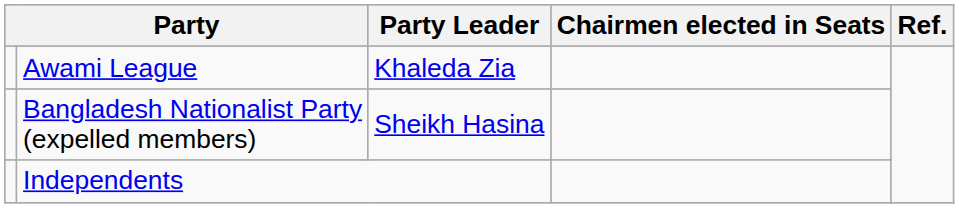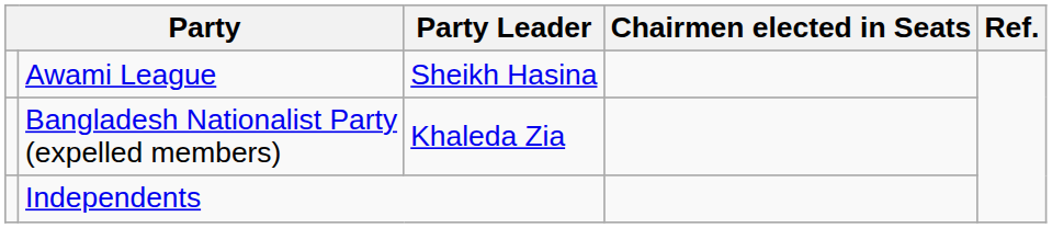 <table class="wikitable">
 <tr>
 <th colspan="2">Party</th>
 <th>Party Leader</th>
 <th>Chairmen elected in Seats</th>
 <th>Ref.</th>
 </tr>
 <tr>
 <td></td>
 <td><a href='#'>Awami League</a></td>
-<td><a href='#'>Khaleda Zia</a></td>
+<td><a href='#'>Sheikh Hasina</a></td>
 <td></td>
 <td rowspan="3"></td>
 </tr>
 <tr>
 <td></td>
 <td><a href='#'>Bangladesh Nationalist Party</a><br>(expelled members)</td>
-<td><a href='#'>Sheikh Hasina</a></td>
+<td><a href='#'>Khaleda Zia</a></td>
 <td></td>
 </tr>
 <tr>
 <td></td>
 <td colspan="2"><a href='#'>Independents</a></td>
 <td></td>
 </tr>
 </table>
